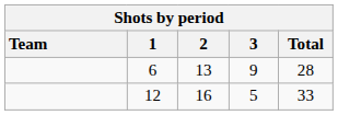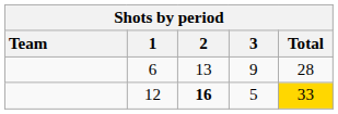 <table class="wikitable" style="width:20em; text-align:right;">
 <tr>
 <th colspan=6>Shots by period</th>
 </tr>
 <tr>
 <th style="width:8em; text-align:left;">Team</th>
 <th style="width:3em;">1</th>
 <th style="width:3em;">2</th>
 <th style="width:3em;">3</th>
 <th style="width:3em;">Total</th>
 </tr>
 <tr>
 <td style="text-align:left;"></td>
 <td align=center>6</td>
 <td align=center>13</td>
 <td align=center>9</td>
 <td align=center>28</td>
 </tr>
 <tr>
 <td style="text-align:left;"></td>
 <td align=center>12</td>
-<td align=center>16</td>
+<td align=center><strong>16</strong></td>
 <td align=center>5</td>
-<td align=center>33</td>
+<td align=center style="background: gold;">33</td>
 </tr>
 </table>
